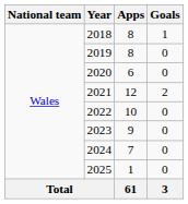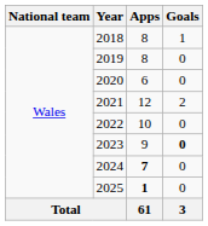 <table class=wikitable style="text-align:center">
 <tr>
 <th>National team</th>
 <th>Year</th>
 <th>Apps</th>
 <th>Goals</th>
 </tr>
 <tr>
 <td rowspan="8"><a href='#'>Wales</a></td>
 <td>2018</td>
 <td>8</td>
 <td>1</td>
 </tr>
 <tr>
 <td>2019</td>
 <td>8</td>
 <td>0</td>
 </tr>
 <tr>
 <td>2020</td>
 <td>6</td>
 <td>0</td>
 </tr>
 <tr>
 <td>2021</td>
 <td>12</td>
 <td>2</td>
 </tr>
 <tr>
 <td>2022</td>
 <td>10</td>
 <td>0</td>
 </tr>
 <tr>
 <td>2023</td>
 <td>9</td>
-<td>0</td>
+<td><strong>0</strong></td>
 </tr>
 <tr>
 <td>2024</td>
-<td>7</td>
+<td><strong>7</strong></td>
 <td>0</td>
 </tr>
 <tr>
 <td>2025</td>
-<td>1</td>
+<td><strong>1</strong></td>
 <td>0</td>
 </tr>
 <tr>
 <th colspan="2">Total</th>
 <th>61</th>
 <th>3</th>
 </tr>
 </table>
